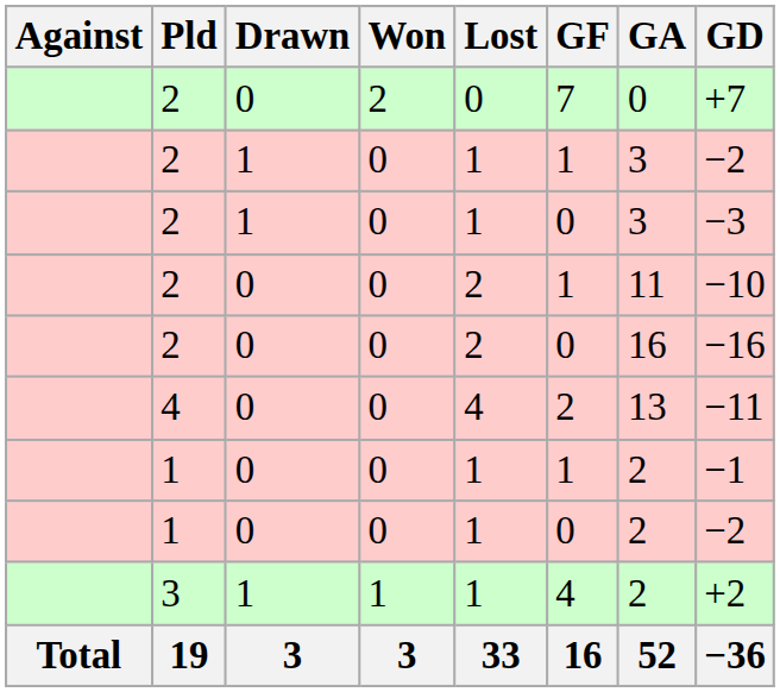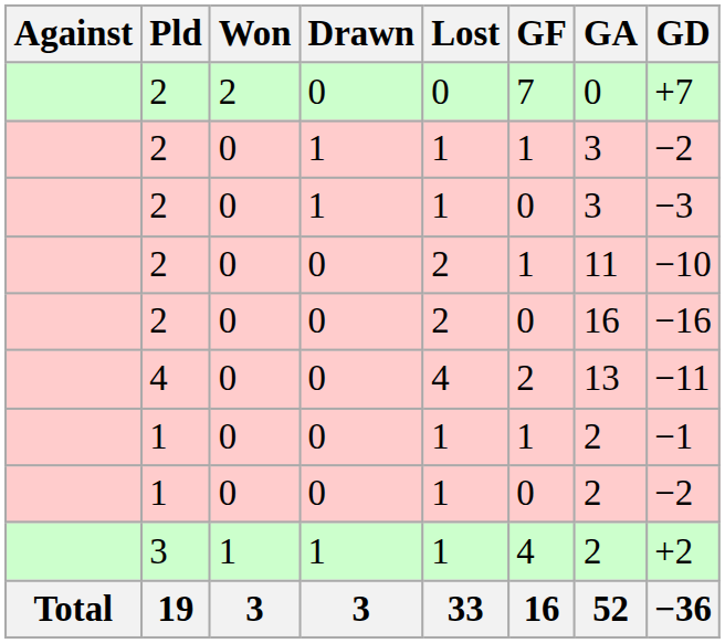 <table class="sortable wikitable">
 <tr>
 <th>Against</th>
 <th>Pld</th>
+<th>Won</th>
 <th>Drawn</th>
-<th>Won</th>
 <th>Lost</th>
 <th>GF</th>
 <th>GA</th>
 <th>GD</th>
 </tr>
 <tr bgcolor=#CCFFCC>
 <td style="text-align:left;"></td>
 <td>2</td>
+<td>2</td>
 <td>0</td>
-<td>2</td>
 <td>0</td>
 <td>7</td>
 <td>0</td>
 <td>+7</td>
 </tr>
 <tr bgcolor=#FFCCCC>
 <td style="text-align:left;"></td>
 <td>2</td>
+<td>0</td>
 <td>1</td>
-<td>0</td>
 <td>1</td>
 <td>1</td>
 <td>3</td>
 <td>−2</td>
 </tr>
 <tr bgcolor=#FFCCCC>
 <td style="text-align:left;"></td>
 <td>2</td>
+<td>0</td>
 <td>1</td>
-<td>0</td>
 <td>1</td>
 <td>0</td>
 <td>3</td>
 <td>−3</td>
 </tr>
 <tr bgcolor=#FFCCCC>
 <td style="text-align:left;"></td>
 <td>2</td>
 <td>0</td>
 <td>0</td>
 <td>2</td>
 <td>1</td>
 <td>11</td>
 <td>−10</td>
 </tr>
 <tr bgcolor=#FFCCCC>
 <td style="text-align:left;"></td>
 <td>2</td>
 <td>0</td>
 <td>0</td>
 <td>2</td>
 <td>0</td>
 <td>16</td>
 <td>−16</td>
 </tr>
 <tr bgcolor=#FFCCCC>
 <td style="text-align:left;"></td>
 <td>4</td>
 <td>0</td>
 <td>0</td>
 <td>4</td>
 <td>2</td>
 <td>13</td>
 <td>−11</td>
 </tr>
 <tr bgcolor=#FFCCCC>
 <td style="text-align:left;"></td>
 <td>1</td>
 <td>0</td>
 <td>0</td>
 <td>1</td>
 <td>1</td>
 <td>2</td>
 <td>−1</td>
 </tr>
 <tr bgcolor=#FFCCCC>
 <td style="text-align:left;"></td>
 <td>1</td>
 <td>0</td>
 <td>0</td>
 <td>1</td>
 <td>0</td>
 <td>2</td>
 <td>−2</td>
 </tr>
 <tr bgcolor=#CCFFCC>
 <td style="text-align:left;"></td>
 <td>3</td>
 <td>1</td>
 <td>1</td>
 <td>1</td>
 <td>4</td>
 <td>2</td>
 <td>+2</td>
 </tr>
 <tr class="sortbottom">
 <th>Total</th>
 <th>19</th>
 <th>3</th>
 <th>3</th>
 <th>33</th>
 <th>16</th>
 <th>52</th>
 <th>−36</th>
 </tr>
 </table>
